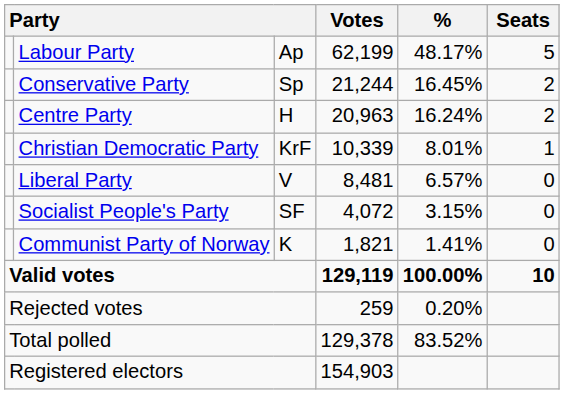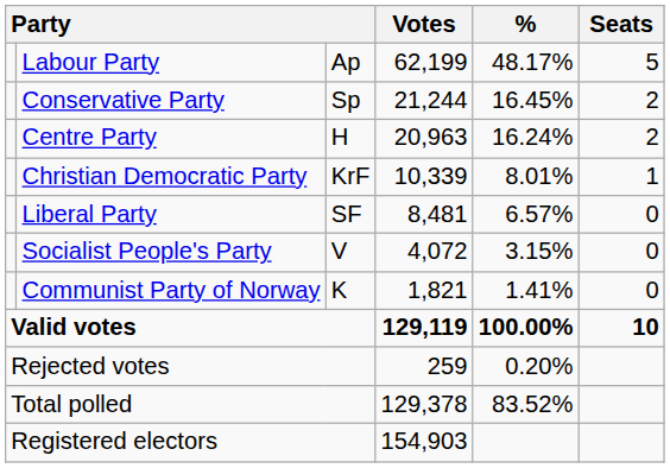 <table class="wikitable" border="1" style="text-align:right;">
 <tr>
 <th style="text-align:left;" colspan=3>Party</th>
 <th align=center width="50">Votes</th>
 <th align=center width="50">%</th>
 <th align=center width="50">Seats</th>
 </tr>
 <tr>
 <td style="color:inherit;background:"></td>
 <td align=left><a href='#'>Labour Party</a></td>
 <td align=left>Ap</td>
 <td>62,199</td>
 <td>48.17%</td>
 <td>5</td>
 </tr>
 <tr>
 <td style="color:inherit;background:"></td>
 <td align=left><a href='#'>Conservative Party</a></td>
 <td align=left>Sp</td>
 <td>21,244</td>
 <td>16.45%</td>
 <td>2</td>
 </tr>
 <tr>
 <td style="color:inherit;background:"></td>
 <td align=left><a href='#'>Centre Party</a></td>
 <td align=left>H</td>
 <td>20,963</td>
 <td>16.24%</td>
 <td>2</td>
 </tr>
 <tr>
 <td style="color:inherit;background:"></td>
 <td align=left><a href='#'>Christian Democratic Party</a></td>
 <td align=left>KrF</td>
 <td>10,339</td>
 <td>8.01%</td>
 <td>1</td>
 </tr>
 <tr>
 <td style="color:inherit;background:"></td>
 <td align=left><a href='#'>Liberal Party</a></td>
-<td align=left>V</td>
+<td align=left>SF</td>
 <td>8,481</td>
 <td>6.57%</td>
 <td>0</td>
 </tr>
 <tr>
 <td style="color:inherit;background:"></td>
 <td align=left><a href='#'>Socialist People's Party</a></td>
-<td align=left>SF</td>
+<td align=left>V</td>
 <td>4,072</td>
 <td>3.15%</td>
 <td>0</td>
 </tr>
 <tr>
 <td style="color:inherit;background:"></td>
 <td align=left><a href='#'>Communist Party of Norway</a></td>
 <td align=left>K</td>
 <td>1,821</td>
 <td>1.41%</td>
 <td>0</td>
 </tr>
 <tr style="font-weight:bold">
 <td align=left colspan=3>Valid votes</td>
 <td>129,119</td>
 <td>100.00%</td>
 <td>10</td>
 </tr>
 <tr>
 <td align=left colspan=3>Rejected votes</td>
 <td>259</td>
 <td>0.20%</td>
 <td></td>
 </tr>
 <tr>
 <td align=left colspan=3>Total polled</td>
 <td>129,378</td>
 <td>83.52%</td>
 <td></td>
 </tr>
 <tr>
 <td align=left colspan=3>Registered electors</td>
 <td>154,903</td>
 <td></td>
 <td></td>
 </tr>
 </table>
